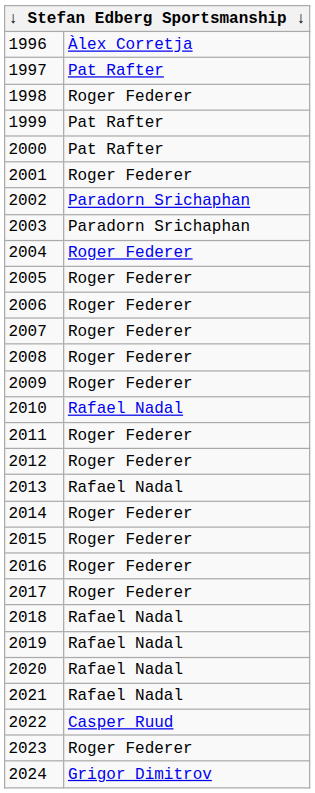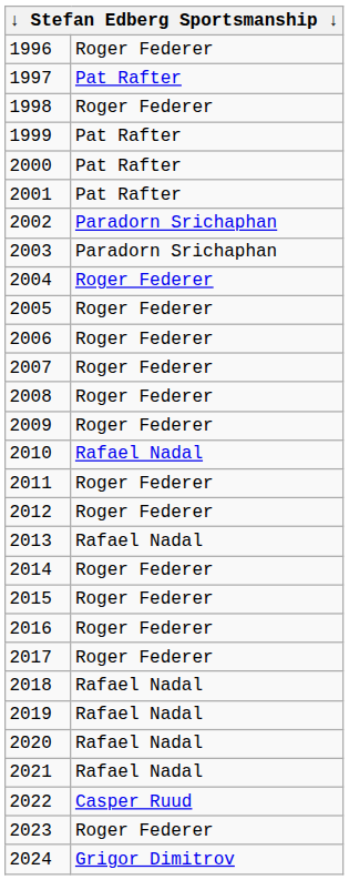 <table class="wikitable sortable" style="display:inline-table;">
 <tr>
 <th colspan=2>↓ Stefan Edberg Sportsmanship ↓</th>
 </tr>
 <tr>
 <td>1996</td>
-<td> <a href='#'>Àlex Corretja</a></td>
+<td> Roger Federer </td>
 </tr>
 <tr>
 <td>1997</td>
 <td> <a href='#'>Pat Rafter</a></td>
 </tr>
 <tr>
 <td>1998</td>
 <td> Roger Federer </td>
 </tr>
 <tr>
 <td>1999</td>
 <td> Pat Rafter </td>
 </tr>
 <tr>
 <td>2000</td>
 <td> Pat Rafter </td>
 </tr>
 <tr>
 <td>2001</td>
-<td> Roger Federer </td>
+<td> Pat Rafter </td>
 </tr>
 <tr>
 <td>2002</td>
 <td> <a href='#'>Paradorn Srichaphan</a></td>
 </tr>
 <tr>
 <td>2003</td>
 <td> Paradorn Srichaphan </td>
 </tr>
 <tr>
 <td>2004</td>
 <td> <a href='#'>Roger Federer</a></td>
 </tr>
 <tr>
 <td>2005</td>
 <td> Roger Federer </td>
 </tr>
 <tr>
 <td>2006</td>
 <td> Roger Federer </td>
 </tr>
 <tr>
 <td>2007</td>
 <td> Roger Federer </td>
 </tr>
 <tr>
 <td>2008</td>
 <td> Roger Federer </td>
 </tr>
 <tr>
 <td>2009</td>
 <td> Roger Federer </td>
 </tr>
 <tr>
 <td>2010</td>
 <td> <a href='#'>Rafael Nadal</a></td>
 </tr>
 <tr>
 <td>2011</td>
 <td> Roger Federer </td>
 </tr>
 <tr>
 <td>2012</td>
 <td> Roger Federer </td>
 </tr>
 <tr>
 <td>2013</td>
 <td> Rafael Nadal </td>
 </tr>
 <tr>
 <td>2014</td>
 <td> Roger Federer </td>
 </tr>
 <tr>
 <td>2015</td>
 <td> Roger Federer </td>
 </tr>
 <tr>
 <td>2016</td>
 <td> Roger Federer </td>
 </tr>
 <tr>
 <td>2017</td>
 <td> Roger Federer </td>
 </tr>
 <tr>
 <td>2018</td>
 <td> Rafael Nadal </td>
 </tr>
 <tr>
 <td>2019</td>
 <td> Rafael Nadal </td>
 </tr>
 <tr>
 <td>2020</td>
 <td> Rafael Nadal </td>
 </tr>
 <tr>
 <td>2021</td>
 <td> Rafael Nadal </td>
 </tr>
 <tr>
 <td>2022</td>
 <td> <a href='#'>Casper Ruud</a></td>
 </tr>
 <tr>
 <td>2023</td>
 <td> Roger Federer </td>
 </tr>
 <tr>
 <td>2024</td>
 <td> <a href='#'>Grigor Dimitrov</a></td>
 </tr>
 </table>
